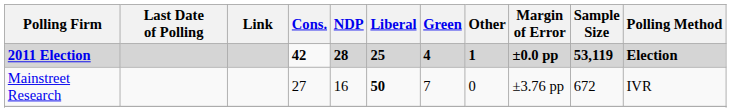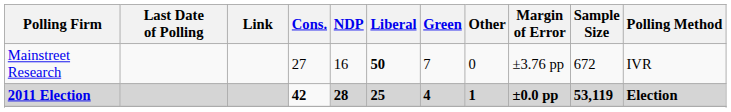 <table class="wikitable sortable">
 <tr style="background:#e9e9e9;">
 <th style="width:120px">Polling Firm</th>
 <th style="width:110px">Last Date<br>of Polling</th>
 <th style="width:60px" class="unsortable">Link</th>
 <th style="background-color:"><strong><a href='#'>Cons.</a></strong></th>
 <th style="background-color:"><strong><a href='#'>NDP</a></strong></th>
 <th style="background-color:"><strong><a href='#'>Liberal</a></strong></th>
 <th style="background-color:"><strong><a href='#'>Green</a></strong></th>
 <th style="background-color:"><strong>Other</strong></th>
 <th style="width:60px;" class=unsortable>Margin<br>of Error</th>
 <th style="width:50px;" class=unsortable>Sample<br>Size</th>
 <th class=unsortable>Polling Method</th>
 </tr>
 <tr>
+<td><a href='#'>Mainstreet Research</a></td>
+<td></td>
+<td></td>
+<td>27</td>
+<td>16</td>
+<td><strong>50</strong></td>
+<td>7</td>
+<td>0</td>
+<td>±3.76 pp</td>
+<td>672</td>
+<td>IVR</td>
+</tr>
+<tr>
 <td style="background:#D5D5D5"><strong><a href='#'>2011 Election</a></strong></td>
 <td style="background:#D5D5D5"><strong></strong></td>
 <td style="background:#D5D5D5"></td>
 <td><strong>42</strong></td>
 <td style="background:#D5D5D5"><strong>28</strong></td>
 <td style="background:#D5D5D5"><strong>25</strong></td>
 <td style="background:#D5D5D5"><strong>4</strong></td>
 <td style="background:#D5D5D5"><strong>1</strong></td>
 <td style="background:#D5D5D5"><strong>±0.0 pp</strong></td>
 <td style="background:#D5D5D5"><strong>53,119</strong></td>
 <td style="background:#D5D5D5"><strong>Election</strong></td>
 </tr>
 <tr>
-<td><a href='#'>Mainstreet Research</a></td>
-<td></td>
-<td></td>
-<td>27</td>
-<td>16</td>
-<td><strong>50</strong></td>
-<td>7</td>
-<td>0</td>
-<td>±3.76 pp</td>
-<td>672</td>
-<td>IVR</td>
-</tr>
-<tr>
 </tr>
 <tr>
 </tr>
 </table>
